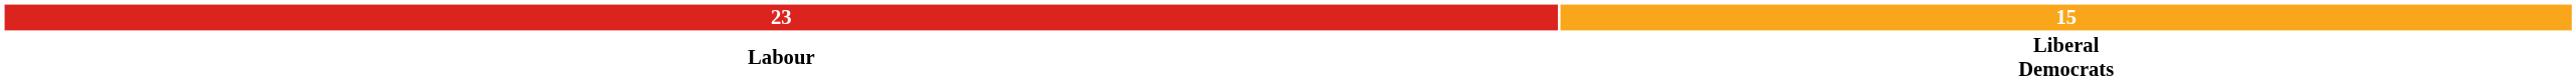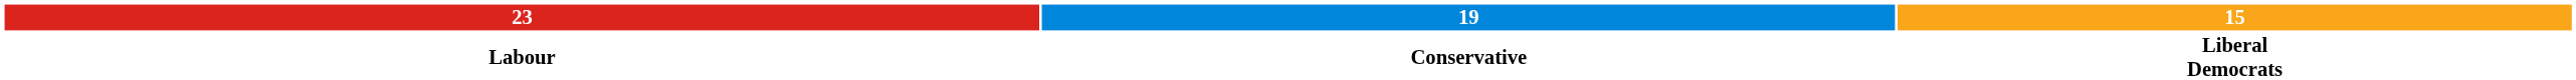 <table style="width:100%; text-align:center;">
 <tr style="color:white;">
 <td style="background:#DC241f; width:40.4%;"><strong>23</strong></td>
+<td style="background:#0087DC; width:33.3%"><strong>19</strong></td>
 <td style="background:#FAA61A; width:26.3%;"><strong>15</strong></td>
 </tr>
 <tr>
 <td><span><strong>Labour</strong></span></td>
+<td><span><strong>Conservative</strong></span></td>
 <td><span><strong>Liberal<br>Democrats</strong></span></td>
 </tr>
 </table>
